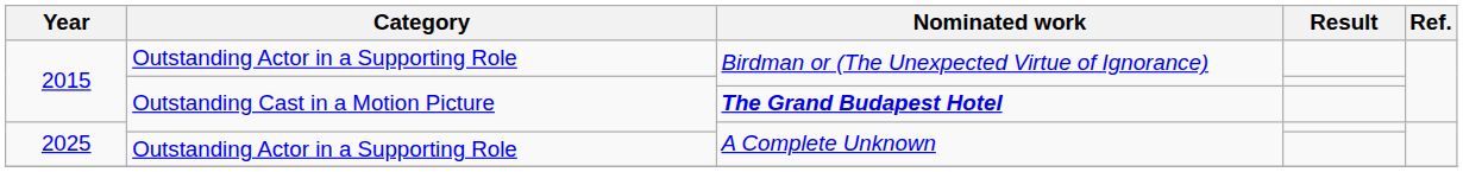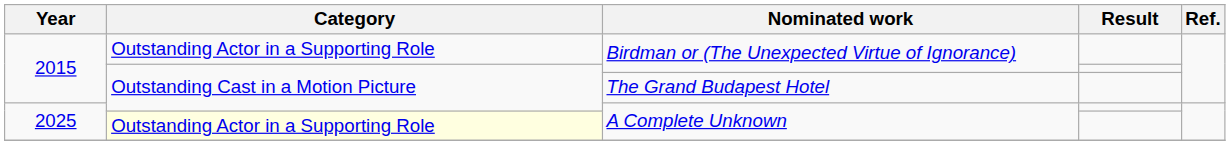 <table class=wikitable>
 <tr>
 <th scope="col" style="width:5em;">Year</th>
 <th scope="col" style="width:26em;">Category</th>
 <th scope="col" style="width:25em;">Nominated work</th>
 <th scope="col" style="width:5em;">Result</th>
 <th>Ref.</th>
 </tr>
 <tr>
 <td style="text-align:center;", rowspan="3"><a href='#'>2015</a></td>
 <td><a href='#'>Outstanding Actor in a Supporting Role</a></td>
 <td rowspan="2"><em><a href='#'>Birdman or (The Unexpected Virtue of Ignorance)</a></em></td>
 <td></td>
 <td rowspan=3, style="text-align:center;"></td>
 </tr>
 <tr>
 <td rowspan="3"><a href='#'>Outstanding Cast in a Motion Picture</a></td>
 <td></td>
 </tr>
 <tr>
-<td><strong><em><a href='#'>The Grand Budapest Hotel</a></em></strong></td>
+<td><em><a href='#'>The Grand Budapest Hotel</a></em></td>
 <td></td>
 </tr>
 <tr>
 <td style="text-align:center;", rowspan="2"><a href='#'>2025</a></td>
 <td rowspan="2"><em><a href='#'>A Complete Unknown</a></em></td>
 <td></td>
 <td rowspan=2, style="text-align:center;"></td>
 </tr>
 <tr>
-<td><a href='#'>Outstanding Actor in a Supporting Role</a></td>
+<td style="background: lightyellow;"><a href='#'>Outstanding Actor in a Supporting Role</a></td>
 <td></td>
 </tr>
 <tr>
 </tr>
 </table>
